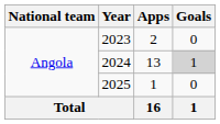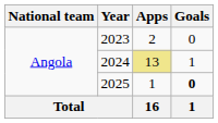 <table class="wikitable" style="text-align:center">
 <tr>
 <th>National team</th>
 <th>Year</th>
 <th>Apps</th>
 <th>Goals</th>
 </tr>
 <tr>
 <td rowspan="3"><a href='#'>Angola</a></td>
 <td>2023</td>
 <td>2</td>
 <td>0</td>
 </tr>
 <tr>
 <td>2024</td>
-<td>13</td>
-<td style="background: lightgrey;">1</td>
+<td style="background: khaki;">13</td>
+<td>1</td>
 </tr>
 <tr>
 <td>2025</td>
 <td>1</td>
-<td>0</td>
+<td><strong>0</strong></td>
 </tr>
 <tr>
 <th colspan="2">Total</th>
 <th>16</th>
 <th>1</th>
 </tr>
 </table>
